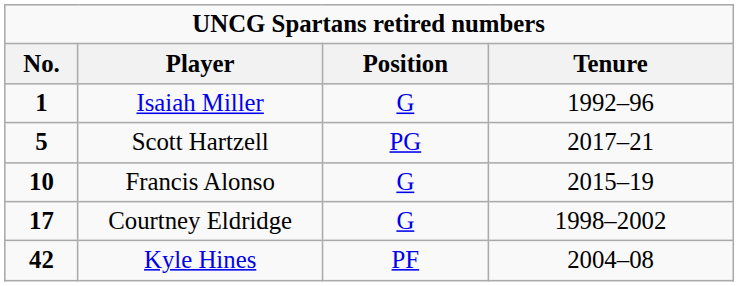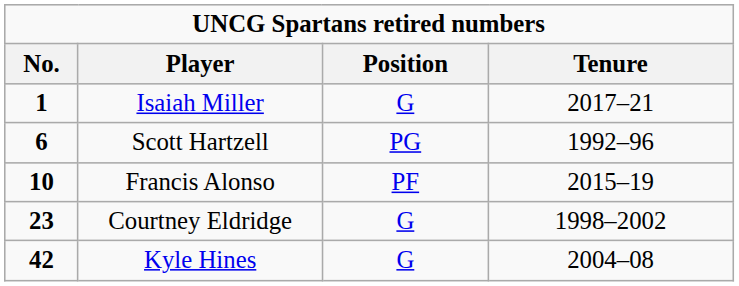 <table class="wikitable sortable" style="text-align:center">
 <tr>
 <td colspan="5"><strong>UNCG Spartans retired numbers</strong></td>
 </tr>
 <tr>
 <th width=40px>No.</th>
 <th width=150px>Player</th>
 <th width=100px>Position</th>
 <th width=150px>Tenure</th>
 </tr>
 <tr>
 <td><strong>1</strong></td>
 <td><a href='#'>Isaiah Miller</a></td>
 <td><a href='#'>G</a></td>
-<td>1992–96</td>
+<td>2017–21</td>
 </tr>
 <tr>
-<td><strong>5</strong></td>
+<td><strong>6</strong></td>
 <td>Scott Hartzell</td>
 <td><a href='#'>PG</a></td>
-<td>2017–21</td>
+<td>1992–96</td>
 </tr>
 <tr>
 <td><strong>10</strong></td>
 <td>Francis Alonso</td>
-<td><a href='#'>G</a></td>
+<td><a href='#'>PF</a></td>
 <td>2015–19</td>
 </tr>
 <tr>
-<td><strong>17</strong></td>
+<td><strong>23</strong></td>
 <td>Courtney Eldridge</td>
 <td><a href='#'>G</a></td>
 <td>1998–2002</td>
 </tr>
 <tr>
 <td><strong>42</strong></td>
 <td><a href='#'>Kyle Hines</a></td>
-<td><a href='#'>PF</a></td>
+<td><a href='#'>G</a></td>
 <td>2004–08</td>
 </tr>
 </table>
